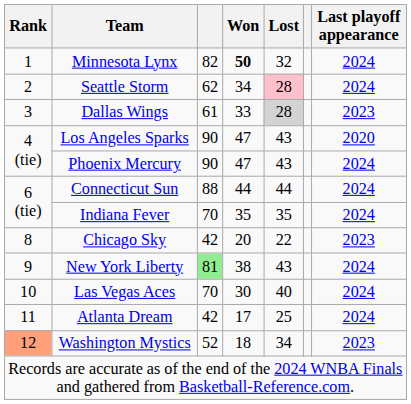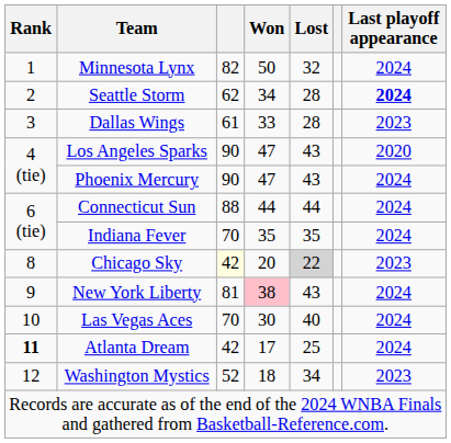 <table class="wikitable sortable" style="text-align: center;">
 <tr align="center">
 <th>Rank</th>
 <th>Team</th>
 <th></th>
 <th>Won</th>
 <th>Lost</th>
 <th></th>
 <th>Last playoff<br>appearance</th>
 </tr>
 <tr>
 <td>1</td>
 <td><a href='#'>Minnesota Lynx</a></td>
 <td>82</td>
-<td><strong>50</strong></td>
+<td>50</td>
 <td>32</td>
 <td></td>
 <td><a href='#'>2024</a></td>
 </tr>
 <tr>
 <td>2</td>
 <td><a href='#'>Seattle Storm</a></td>
 <td>62</td>
 <td>34</td>
-<td style="background: pink;">28</td>
+<td>28</td>
 <td></td>
-<td><a href='#'>2024</a></td>
+<td><strong><a href='#'>2024</a></strong></td>
 </tr>
 <tr>
 <td>3</td>
 <td><a href='#'>Dallas Wings</a></td>
 <td>61</td>
 <td>33</td>
-<td style="background: lightgrey;">28</td>
+<td>28</td>
 <td></td>
 <td><a href='#'>2023</a></td>
 </tr>
 <tr>
 <td rowspan="2">4<br>(tie)</td>
 <td><a href='#'>Los Angeles Sparks</a></td>
 <td>90</td>
 <td>47</td>
 <td>43</td>
 <td></td>
 <td><a href='#'>2020</a></td>
 </tr>
 <tr>
 <td><a href='#'>Phoenix Mercury</a></td>
 <td>90</td>
 <td>47</td>
 <td>43</td>
 <td></td>
 <td><a href='#'>2024</a></td>
 </tr>
 <tr>
 <td rowspan="2">6<br>(tie)</td>
 <td><a href='#'>Connecticut Sun</a></td>
 <td>88</td>
 <td>44</td>
 <td>44</td>
 <td></td>
 <td><a href='#'>2024</a></td>
 </tr>
 <tr>
 <td><a href='#'>Indiana Fever</a></td>
 <td>70</td>
 <td>35</td>
 <td>35</td>
 <td></td>
 <td><a href='#'>2024</a></td>
 </tr>
 <tr>
 <td>8</td>
 <td><a href='#'>Chicago Sky</a></td>
-<td>42</td>
+<td style="background: lightyellow;">42</td>
 <td>20</td>
-<td>22</td>
+<td style="background: lightgrey;">22</td>
 <td></td>
 <td><a href='#'>2023</a></td>
 </tr>
 <tr>
 <td>9</td>
 <td><a href='#'>New York Liberty</a></td>
-<td style="background: lightgreen;">81</td>
-<td>38</td>
+<td>81</td>
+<td style="background: pink;">38</td>
 <td>43</td>
 <td></td>
 <td><a href='#'>2024</a></td>
 </tr>
 <tr>
 <td>10</td>
 <td><a href='#'>Las Vegas Aces</a></td>
 <td>70</td>
 <td>30</td>
 <td>40</td>
 <td></td>
 <td><a href='#'>2024</a></td>
 </tr>
 <tr>
-<td>11</td>
+<td><strong>11</strong></td>
 <td><a href='#'>Atlanta Dream</a></td>
 <td>42</td>
 <td>17</td>
 <td>25</td>
 <td></td>
 <td><a href='#'>2024</a></td>
 </tr>
 <tr>
-<td style="background: lightsalmon;">12</td>
+<td>12</td>
 <td><a href='#'>Washington Mystics</a></td>
 <td>52</td>
 <td>18</td>
 <td>34</td>
 <td></td>
 <td><a href='#'>2023</a></td>
 </tr>
 <tr class="sortbottom">
 <td style="text-align:center;" colspan="7">Records are accurate as of the end of the <a href='#'>2024 WNBA Finals</a><br>and gathered from <a href='#'>Basketball-Reference.com</a>.</td>
 </tr>
 </table>
